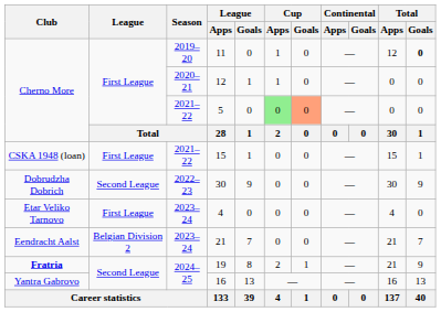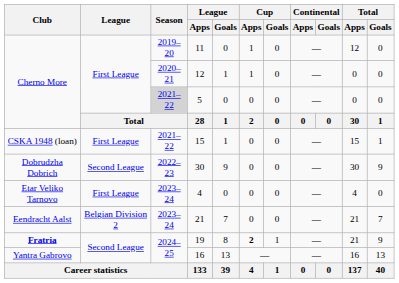 <table class="wikitable" style="font-size:90%; text-align: center">
 <tr>
 <th rowspan=2>Club</th>
 <th rowspan=2>League</th>
 <th rowspan=2>Season</th>
 <th colspan=2>League</th>
 <th colspan=2>Cup</th>
 <th colspan=2>Continental</th>
 <th colspan=2>Total</th>
 </tr>
 <tr>
 <th>Apps</th>
 <th>Goals</th>
 <th>Apps</th>
 <th>Goals</th>
 <th>Apps</th>
 <th>Goals</th>
 <th>Apps</th>
 <th>Goals</th>
 </tr>
 <tr>
 <td rowspan=4 valign="center"><a href='#'>Cherno More</a></td>
 <td rowspan="3"><a href='#'>First League</a></td>
 <td><a href='#'>2019–20</a></td>
 <td>11</td>
 <td>0</td>
 <td>1</td>
 <td>0</td>
 <td colspan="2">—</td>
 <td>12</td>
-<td><strong>0</strong></td>
+<td>0</td>
 </tr>
 <tr>
 <td><a href='#'>2020–21</a></td>
 <td>12</td>
 <td>1</td>
 <td>1</td>
 <td>0</td>
 <td colspan="2">—</td>
 <td>0</td>
 <td>0</td>
 </tr>
 <tr>
-<td><a href='#'>2021–22</a></td>
+<td style="background: lightgrey;"><a href='#'>2021–22</a></td>
 <td>5</td>
 <td>0</td>
-<td style="background: lightgreen;">0</td>
-<td style="background: lightsalmon;">0</td>
+<td>0</td>
+<td>0</td>
 <td colspan="2">—</td>
 <td>0</td>
 <td>0</td>
 </tr>
 <tr>
 <th colspan=2>Total</th>
 <th>28</th>
 <th>1</th>
 <th>2</th>
 <th>0</th>
 <th>0</th>
 <th>0</th>
 <th>30</th>
 <th>1</th>
 </tr>
 <tr>
 <td rowspan=1 valign="center"><a href='#'>CSKA 1948</a> (loan)</td>
 <td rowspan="1"><a href='#'>First League</a></td>
 <td><a href='#'>2021–22</a></td>
 <td>15</td>
 <td>1</td>
 <td>0</td>
 <td>0</td>
 <td colspan="2">—</td>
 <td>15</td>
 <td>1</td>
 </tr>
 <tr>
 <td rowspan=1 valign="center"><a href='#'>Dobrudzha Dobrich</a></td>
 <td rowspan="1"><a href='#'>Second League</a></td>
 <td><a href='#'>2022–23</a></td>
 <td>30</td>
 <td>9</td>
 <td>0</td>
 <td>0</td>
 <td colspan="2">—</td>
 <td>30</td>
 <td>9</td>
 </tr>
 <tr>
 <td rowspan=1 valign="center"><a href='#'>Etar Veliko Tarnovo</a></td>
 <td rowspan="1"><a href='#'>First League</a></td>
 <td><a href='#'>2023–24</a></td>
 <td>4</td>
 <td>0</td>
 <td>0</td>
 <td>0</td>
 <td colspan="2">—</td>
 <td>4</td>
 <td>0</td>
 </tr>
 <tr>
 <td rowspan=1 valign="center"><a href='#'>Eendracht Aalst</a></td>
 <td rowspan="1"><a href='#'>Belgian Division 2</a></td>
 <td><a href='#'>2023–24</a></td>
 <td>21</td>
 <td>7</td>
 <td>0</td>
 <td>0</td>
 <td colspan="2">—</td>
 <td>21</td>
 <td>7</td>
 </tr>
 <tr>
 <td rowspan=1 valign="center"><strong><a href='#'>Fratria</a></strong></td>
 <td rowspan="2"><a href='#'>Second League</a></td>
 <td rowspan="2"><a href='#'>2024–25</a></td>
 <td>19</td>
 <td>8</td>
-<td>2</td>
+<td><strong>2</strong></td>
 <td>1</td>
 <td colspan="2">—</td>
 <td>21</td>
 <td>9</td>
 </tr>
 <tr>
 <td rowspan=1 valign="center"><a href='#'>Yantra Gabrovo</a></td>
 <td>16</td>
 <td>13</td>
 <td colspan="2">—</td>
 <td colspan="2">—</td>
 <td>16</td>
 <td>13</td>
 </tr>
 <tr>
 <th colspan="3">Career statistics</th>
 <th>133</th>
 <th>39</th>
 <th>4</th>
 <th>1</th>
 <th>0</th>
 <th>0</th>
 <th>137</th>
 <th>40</th>
 </tr>
 </table>
